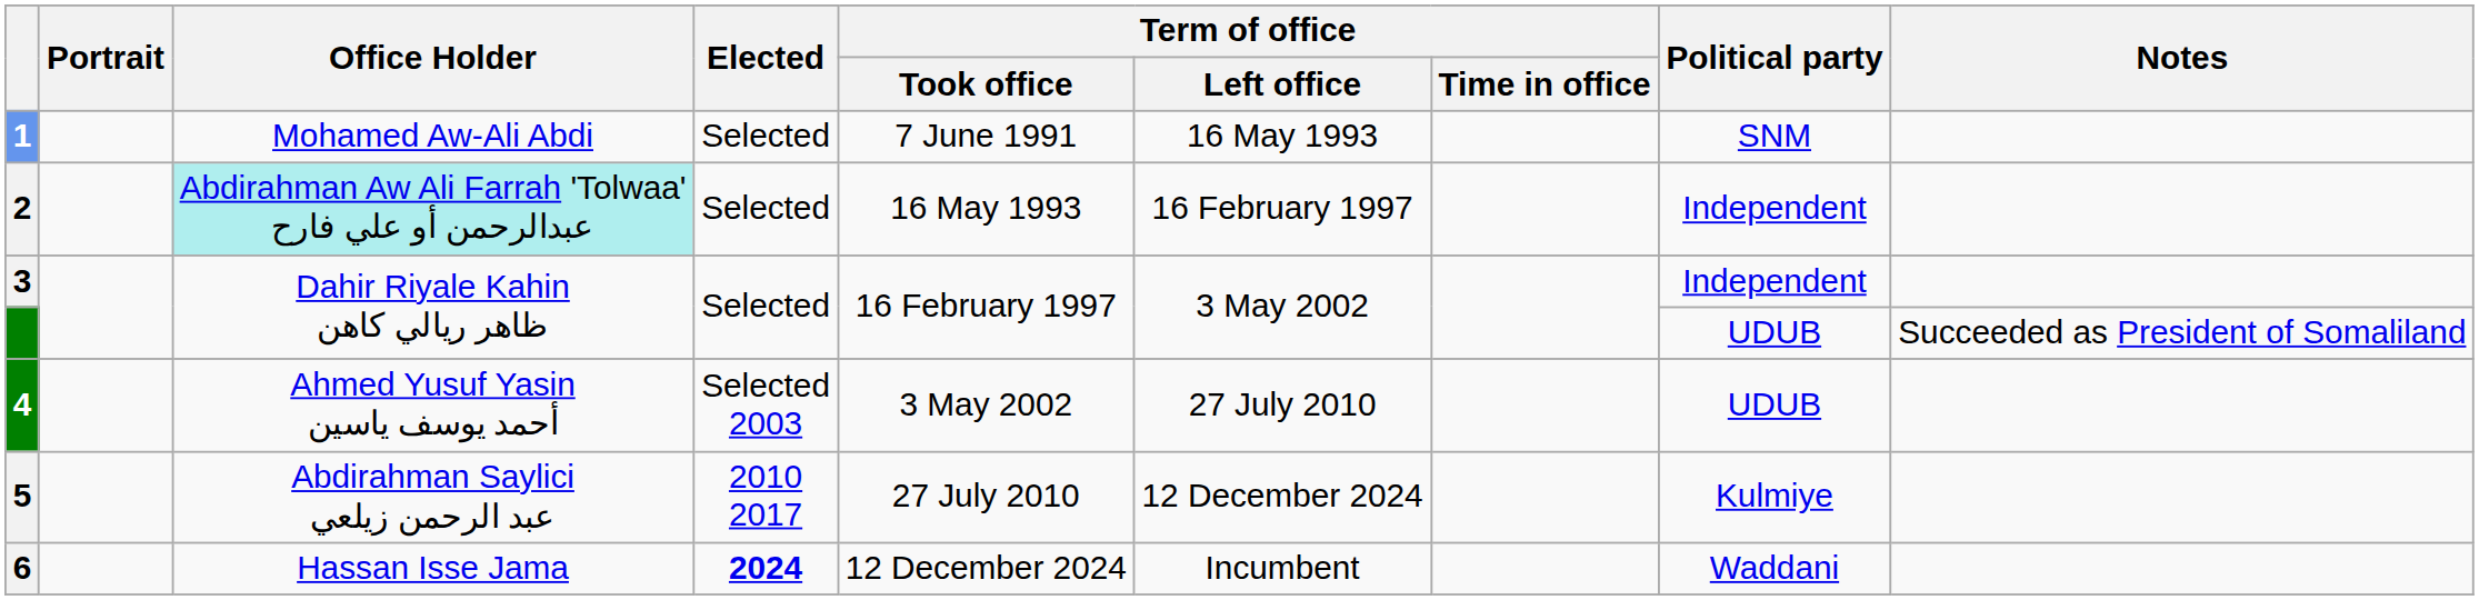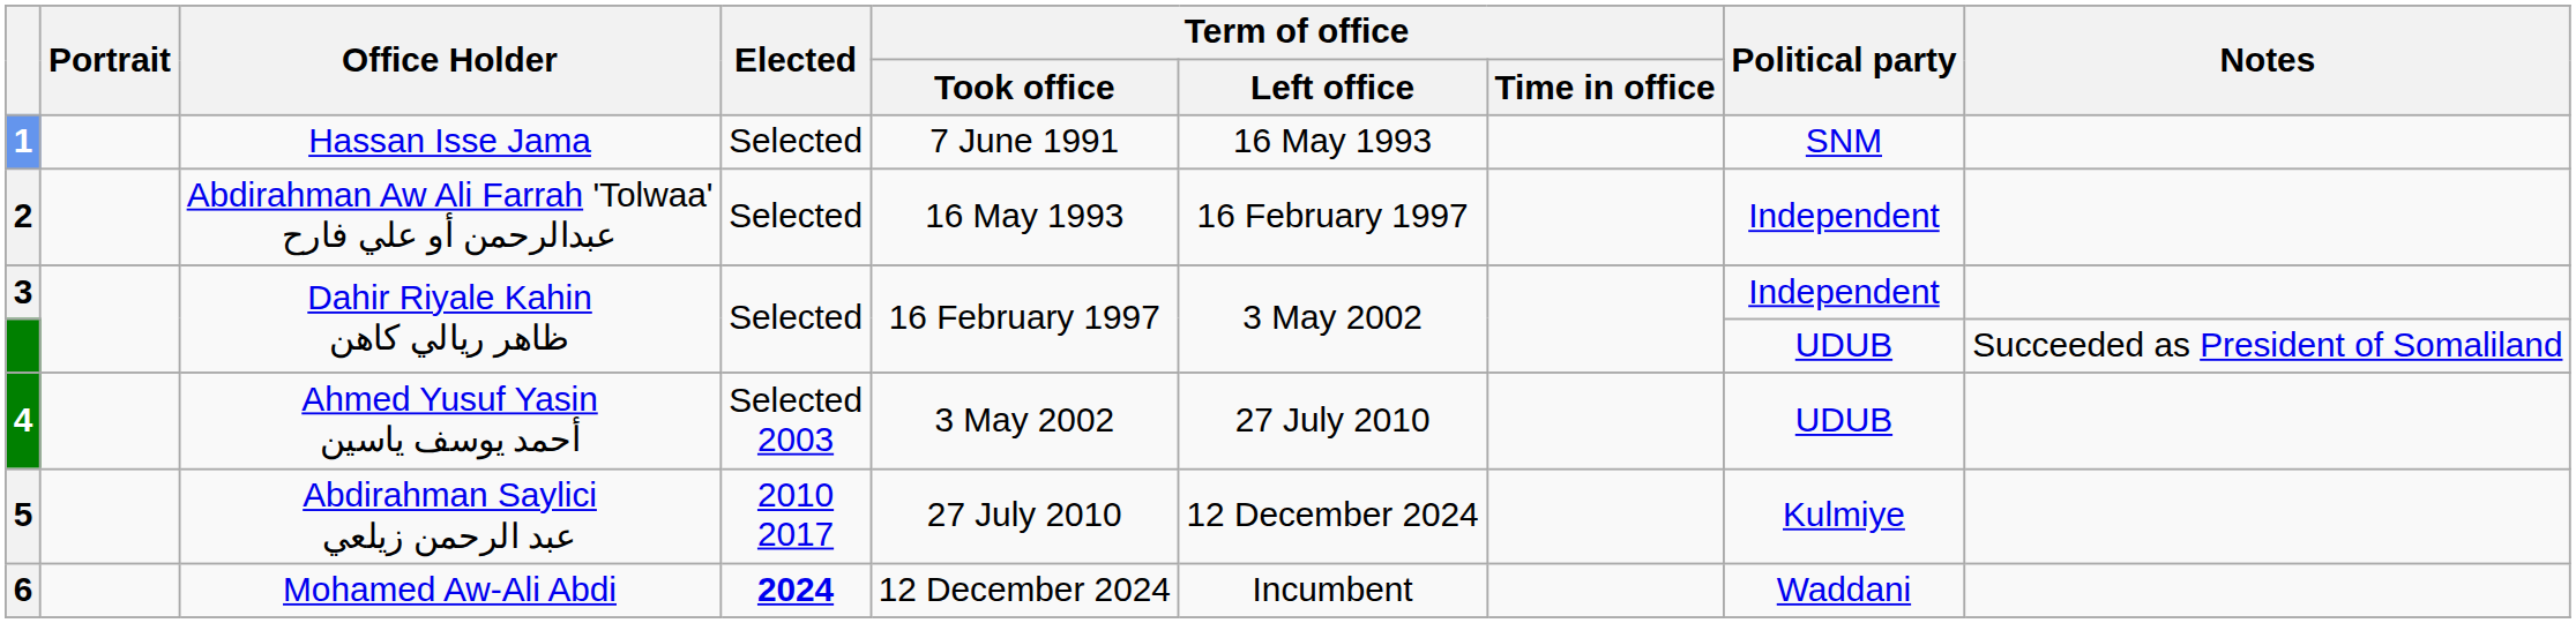 <table class="wikitable" style="text-align:center">
 <tr>
 <th rowspan="2"></th>
 <th rowspan="2">Portrait</th>
 <th rowspan="2">Office Holder</th>
 <th rowspan="2">Elected</th>
 <th colspan="3">Term of office</th>
 <th rowspan="2">Political party</th>
 <th rowspan="2">Notes</th>
 </tr>
 <tr>
 <th>Took office</th>
 <th>Left office</th>
 <th>Time in office</th>
 </tr>
 <tr>
 <th style="background:CornflowerBlue; color:white;">1</th>
 <td></td>
-<td><a href='#'>Mohamed Aw-Ali Abdi</a></td>
+<td><a href='#'>Hassan Isse Jama</a></td>
 <td>Selected</td>
 <td>7 June 1991</td>
 <td>16 May 1993</td>
 <td></td>
 <td><a href='#'>SNM</a></td>
 <td></td>
 </tr>
 <tr>
 <th style="background:">2</th>
 <td></td>
-<td style="background: paleturquoise;"><a href='#'>Abdirahman Aw Ali Farrah</a> 'Tolwaa' <br> عبدالرحمن أو علي فارح</td>
+<td><a href='#'>Abdirahman Aw Ali Farrah</a> 'Tolwaa' <br> عبدالرحمن أو علي فارح</td>
 <td>Selected</td>
 <td>16 May 1993</td>
 <td>16 February 1997</td>
 <td></td>
 <td><a href='#'>Independent</a></td>
 <td></td>
 </tr>
 <tr>
 <th style="background:">3</th>
 <td rowspan="2"></td>
 <td rowspan="2"><a href='#'>Dahir Riyale Kahin</a> <br> ظاهر ريالي كاهن</td>
 <td rowspan="2">Selected</td>
 <td rowspan="2">16 February 1997</td>
 <td rowspan="2">3 May 2002</td>
 <td rowspan="2"></td>
 <td><a href='#'>Independent</a></td>
 </tr>
 <tr>
 <th style="background:Green; color:white;"></th>
 <td><a href='#'>UDUB</a></td>
 <td>Succeeded as <a href='#'>President of Somaliland</a></td>
 </tr>
 <tr>
 <th style="background:Green; color:white;">4</th>
 <td></td>
 <td><a href='#'>Ahmed Yusuf Yasin</a> <br> أحمد يوسف ياسين</td>
 <td>Selected<br> <a href='#'>2003</a></td>
 <td>3 May 2002</td>
 <td>27 July 2010</td>
 <td></td>
 <td><a href='#'>UDUB</a></td>
 <td></td>
 </tr>
 <tr>
 <th style="background:">5</th>
 <td></td>
 <td><a href='#'>Abdirahman Saylici</a> <br> عبد الرحمن زيلعي</td>
 <td><a href='#'>2010</a> <br> <a href='#'>2017</a></td>
 <td>27 July 2010</td>
 <td>12 December 2024</td>
 <td></td>
 <td><a href='#'>Kulmiye</a></td>
 <td></td>
 </tr>
 <tr>
 <th style="background:">6</th>
 <td></td>
-<td><a href='#'>Hassan Isse Jama</a></td>
+<td><a href='#'>Mohamed Aw-Ali Abdi</a></td>
 <td><strong><a href='#'>2024</a></strong></td>
 <td>12 December 2024</td>
 <td>Incumbent</td>
 <td></td>
 <td><a href='#'>Waddani</a></td>
 <td></td>
 </tr>
 </table>
